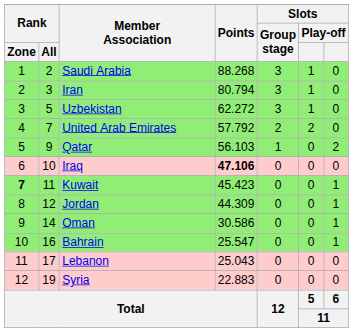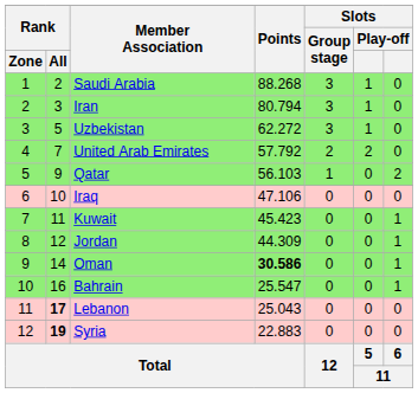 <table class="wikitable" style="text-align:center">
 <tr>
 </tr>
 <tr>
 <th colspan=2 rowspan=2>Rank</th>
 <th rowspan=3 width=200>Member<br>Association</th>
 <th rowspan=3>Points</th>
 <th colspan=3>Slots</th>
 </tr>
 <tr>
 <th rowspan=2>Group<br>stage</th>
 <th colspan=3>Play-off</th>
 </tr>
 <tr>
 <th>Zone</th>
 <th>All</th>
 <th></th>
 <th></th>
 </tr>
 <tr bgcolor=#90ee77>
 <td>1</td>
 <td>2</td>
 <td align=left> <a href='#'>Saudi Arabia</a></td>
 <td>88.268</td>
 <td>3</td>
 <td>1</td>
 <td>0</td>
 </tr>
 <tr bgcolor=#90ee77>
 <td>2</td>
 <td>3</td>
 <td align=left> <a href='#'>Iran</a></td>
 <td>80.794</td>
 <td>3</td>
 <td>1</td>
 <td>0</td>
 </tr>
 <tr bgcolor=#90ee77>
 <td>3</td>
 <td>5</td>
 <td align=left> <a href='#'>Uzbekistan</a></td>
 <td>62.272</td>
 <td>3</td>
 <td>1</td>
 <td>0</td>
 </tr>
 <tr bgcolor=#90ee77>
 <td>4</td>
 <td>7</td>
 <td align=left> <a href='#'>United Arab Emirates</a></td>
 <td>57.792</td>
 <td>2</td>
 <td>2</td>
 <td>0</td>
 </tr>
 <tr bgcolor=#90ee77>
 <td>5</td>
 <td>9</td>
 <td align=left> <a href='#'>Qatar</a></td>
 <td>56.103</td>
 <td>1</td>
 <td>0</td>
 <td>2</td>
 </tr>
 <tr bgcolor=#ffcccc>
 <td>6</td>
 <td>10</td>
 <td align=left> <a href='#'>Iraq</a></td>
-<td><strong>47.106</strong></td>
+<td>47.106</td>
 <td>0</td>
 <td>0</td>
 <td>0</td>
 </tr>
 <tr bgcolor=#90ee77>
-<td><strong>7</strong></td>
+<td>7</td>
 <td>11</td>
 <td align=left> <a href='#'>Kuwait</a></td>
 <td>45.423</td>
 <td>0</td>
 <td>0</td>
 <td>1</td>
 </tr>
 <tr bgcolor=#90ee77>
 <td>8</td>
 <td>12</td>
 <td align=left> <a href='#'>Jordan</a></td>
 <td>44.309</td>
 <td>0</td>
 <td>0</td>
 <td>1</td>
 </tr>
 <tr bgcolor=#90ee77>
 <td>9</td>
 <td>14</td>
 <td align=left> <a href='#'>Oman</a></td>
-<td>30.586</td>
+<td><strong>30.586</strong></td>
 <td>0</td>
 <td>0</td>
 <td>1</td>
 </tr>
 <tr bgcolor=#90ee77>
 <td>10</td>
 <td>16</td>
 <td align=left> <a href='#'>Bahrain</a></td>
 <td>25.547</td>
 <td>0</td>
 <td>0</td>
 <td>1</td>
 </tr>
 <tr bgcolor=#ffcccc>
 <td>11</td>
-<td>17</td>
+<td><strong>17</strong></td>
 <td align=left> <a href='#'>Lebanon</a></td>
 <td>25.043</td>
 <td>0</td>
 <td>0</td>
 <td>0</td>
 </tr>
 <tr bgcolor=#ffcccc>
 <td>12</td>
-<td>19</td>
+<td><strong>19</strong></td>
 <td align=left> <a href='#'>Syria</a></td>
 <td>22.883</td>
 <td>0</td>
 <td>0</td>
 <td>0</td>
 </tr>
 <tr>
 <th colspan=4 rowspan=2>Total</th>
 <th rowspan=2>12</th>
 <th>5</th>
 <th>6</th>
 </tr>
 <tr>
 <th colspan=3>11</th>
 </tr>
 </table>
